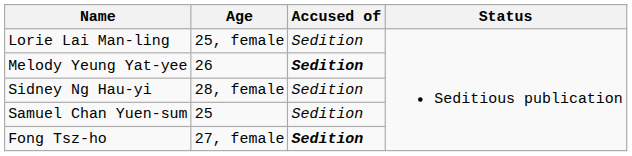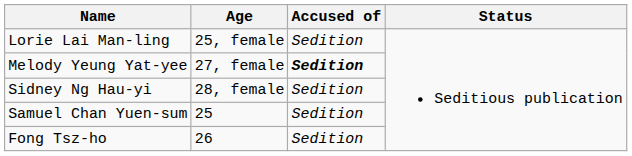 <table class="wikitable">
 <tr>
 <th>Name</th>
 <th>Age</th>
 <th>Accused of</th>
 <th>Status</th>
 </tr>
 <tr>
 <td>Lorie Lai Man-ling</td>
 <td>25, female</td>
 <td><em>Sedition</em></td>
 <td rowspan="5"><br><ul><li>Seditious publication</li></ul></td>
 </tr>
 <tr>
 <td>Melody Yeung Yat-yee</td>
-<td>26</td>
+<td>27, female</td>
 <td><strong><em>Sedition</em></strong></td>
 </tr>
 <tr>
 <td>Sidney Ng Hau-yi</td>
 <td>28, female</td>
 <td><em>Sedition</em></td>
 </tr>
 <tr>
 <td>Samuel Chan Yuen-sum</td>
 <td>25</td>
 <td><em>Sedition</em></td>
 </tr>
 <tr>
 <td>Fong Tsz-ho</td>
-<td>27, female</td>
-<td><strong><em>Sedition</em></strong></td>
+<td>26</td>
+<td><em>Sedition</em></td>
 </tr>
 </table>
